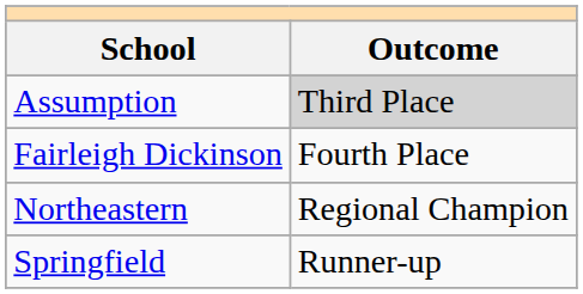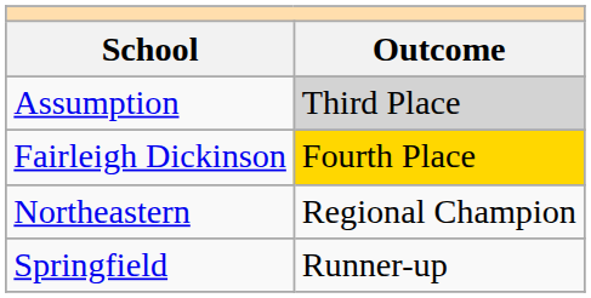 <table class="wikitable" style="float:left; margin-right:1em;">
 <tr>
 <th colspan="3" style="background:#ffdead;"></th>
 </tr>
 <tr>
 <th>School</th>
 <th>Outcome</th>
 </tr>
 <tr>
 <td><a href='#'>Assumption</a></td>
 <td style="background: lightgrey;">Third Place</td>
 </tr>
 <tr>
 <td><a href='#'>Fairleigh Dickinson</a></td>
-<td>Fourth Place</td>
+<td style="background: gold;">Fourth Place</td>
 </tr>
 <tr>
 <td><a href='#'>Northeastern</a></td>
 <td>Regional Champion</td>
 </tr>
 <tr>
 <td><a href='#'>Springfield</a></td>
 <td>Runner-up</td>
 </tr>
 </table>
